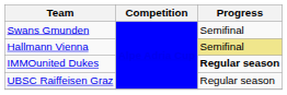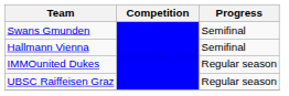 <table class="wikitable sortable">
 <tr>
 <th>Team</th>
 <th>Competition</th>
 <th>Progress</th>
 </tr>
 <tr>
 <td><a href='#'>Swans Gmunden</a></td>
 <td rowspan="4" style="background-color:blue;color:#D0D3D4;text-align:center"><strong><a href='#'><span>Alpe Adria Cup</span></a></strong></td>
 <td>Semifinal</td>
 </tr>
 <tr>
 <td><a href='#'>Hallmann Vienna</a></td>
-<td style="background: khaki;">Semifinal</td>
+<td>Semifinal</td>
 </tr>
 <tr>
 <td><a href='#'>IMMOunited Dukes</a></td>
-<td><strong>Regular season</strong></td>
+<td>Regular season</td>
 </tr>
 <tr>
 <td><a href='#'>UBSC Raiffeisen Graz</a></td>
 <td>Regular season</td>
 </tr>
 <tr>
 </tr>
 </table>
